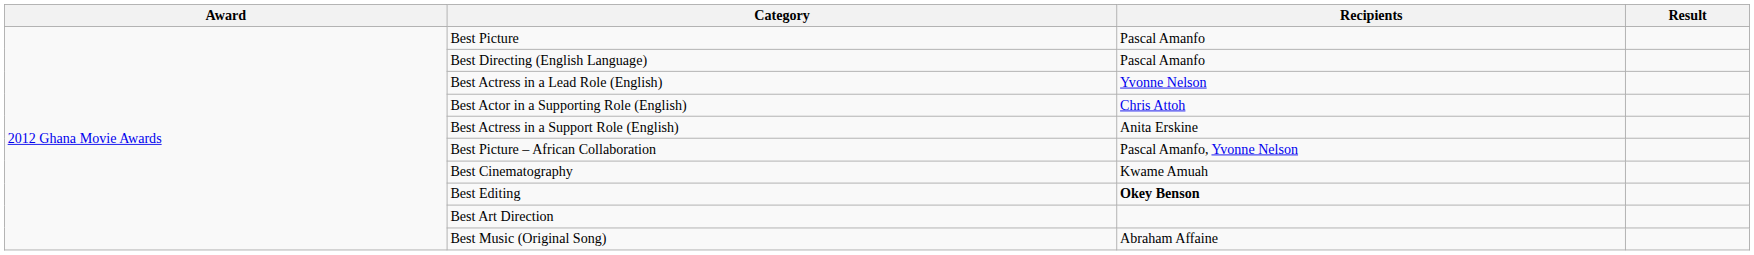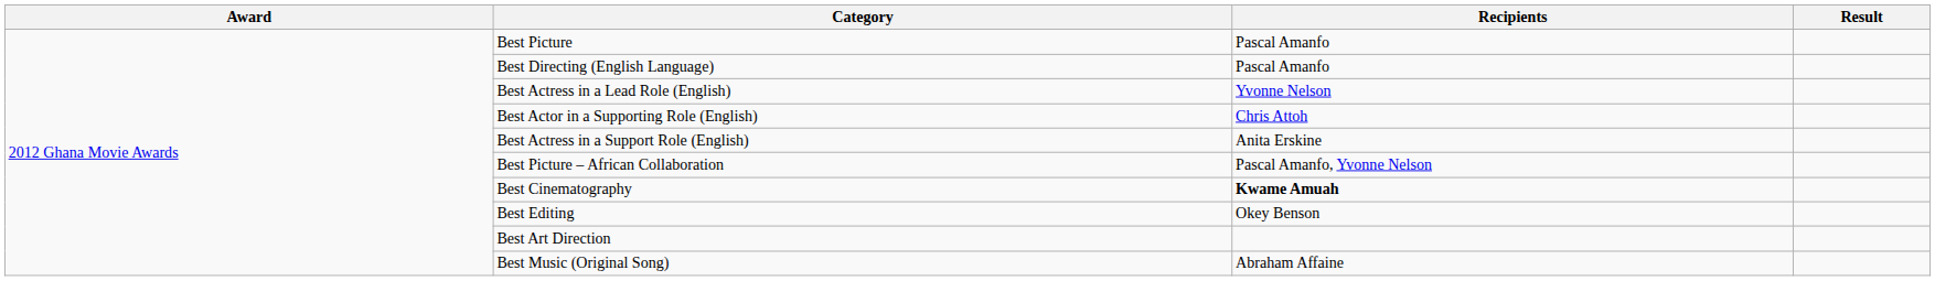 <table class="wikitable sortable" style="width:100%">
 <tr>
 <th>Award</th>
 <th>Category</th>
 <th>Recipients</th>
 <th>Result</th>
 </tr>
 <tr>
 <td rowspan=10><a href='#'>2012 Ghana Movie Awards</a></td>
 <td>Best Picture</td>
 <td>Pascal Amanfo</td>
 <td></td>
 </tr>
 <tr>
 <td>Best Directing (English Language)</td>
 <td>Pascal Amanfo</td>
 <td></td>
 </tr>
 <tr>
 <td>Best Actress in a Lead Role (English)</td>
 <td><a href='#'>Yvonne Nelson</a></td>
 <td></td>
 </tr>
 <tr>
 <td>Best Actor in a Supporting Role (English)</td>
 <td><a href='#'>Chris Attoh</a></td>
 <td></td>
 </tr>
 <tr>
 <td>Best Actress in a Support Role (English)</td>
 <td>Anita Erskine</td>
 <td></td>
 </tr>
 <tr>
 <td>Best Picture – African Collaboration</td>
 <td>Pascal Amanfo, <a href='#'>Yvonne Nelson</a></td>
 <td></td>
 </tr>
 <tr>
 <td>Best Cinematography</td>
-<td>Kwame Amuah</td>
+<td><strong>Kwame Amuah</strong></td>
 <td></td>
 </tr>
 <tr>
 <td>Best Editing</td>
-<td><strong>Okey Benson</strong></td>
+<td>Okey Benson</td>
 <td></td>
 </tr>
 <tr>
 <td>Best Art Direction</td>
 <td></td>
 <td></td>
 </tr>
 <tr>
 <td>Best Music (Original Song)</td>
 <td>Abraham Affaine</td>
 <td></td>
 </tr>
 </table>
